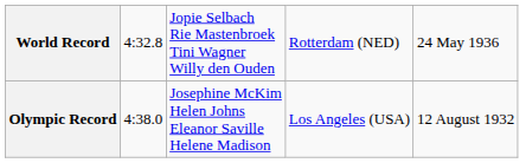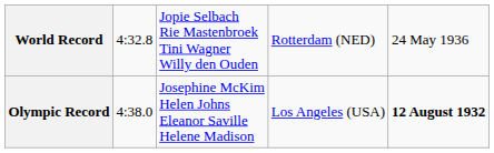 <table class="wikitable" style="text-align:left">
 <tr>
 <th>World Record</th>
 <td>4:32.8</td>
 <td> <a href='#'>Jopie Selbach</a><br> <a href='#'>Rie Mastenbroek</a><br> <a href='#'>Tini Wagner</a><br> <a href='#'>Willy den Ouden</a></td>
 <td><a href='#'>Rotterdam</a> (NED)</td>
 <td>24 May 1936</td>
 </tr>
 <tr>
 <th>Olympic Record</th>
 <td>4:38.0</td>
 <td> <a href='#'>Josephine McKim</a><br> <a href='#'>Helen Johns</a><br> <a href='#'>Eleanor Saville</a><br> <a href='#'>Helene Madison</a></td>
 <td><a href='#'>Los Angeles</a> (USA)</td>
-<td>12 August 1932</td>
+<td><strong>12 August 1932</strong></td>
 </tr>
 </table>
